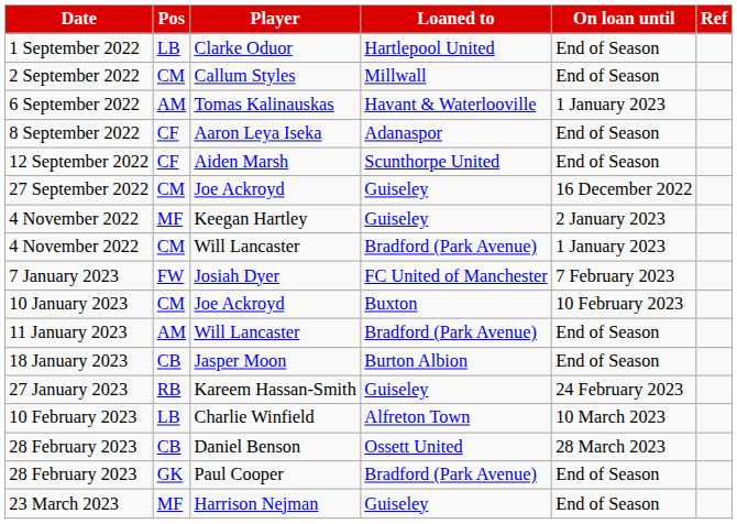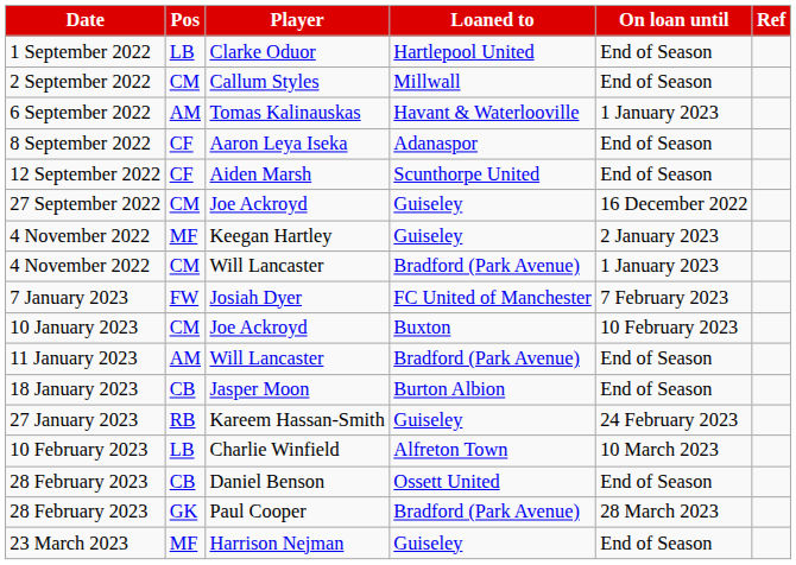 <table class="wikitable plainrowheaders sortable">
 <tr>
 <th style="background:#dd0000; color:#ffffff; ">Date</th>
 <th style="background:#dd0000; color:#ffffff; ">Pos</th>
 <th style="background:#dd0000; color:#ffffff; ">Player</th>
 <th style="background:#dd0000; color:#ffffff; ">Loaned to</th>
 <th style="background:#dd0000; color:#ffffff; ">On loan until</th>
 <th style="background:#dd0000; color:#ffffff; ">Ref</th>
 </tr>
 <tr>
 <td>1 September 2022</td>
 <td><a href='#'>LB</a></td>
 <td> <a href='#'>Clarke Oduor</a></td>
 <td> <a href='#'>Hartlepool United</a></td>
 <td>End of Season</td>
 <td></td>
 </tr>
 <tr>
 <td>2 September 2022</td>
 <td><a href='#'>CM</a></td>
 <td> <a href='#'>Callum Styles</a></td>
 <td> <a href='#'>Millwall</a></td>
 <td>End of Season</td>
 <td></td>
 </tr>
 <tr>
 <td>6 September 2022</td>
 <td><a href='#'>AM</a></td>
 <td> <a href='#'>Tomas Kalinauskas</a></td>
 <td> <a href='#'>Havant & Waterlooville</a></td>
 <td>1 January 2023</td>
 <td></td>
 </tr>
 <tr>
 <td>8 September 2022</td>
 <td><a href='#'>CF</a></td>
 <td> <a href='#'>Aaron Leya Iseka</a></td>
 <td> <a href='#'>Adanaspor</a></td>
 <td>End of Season</td>
 <td></td>
 </tr>
 <tr>
 <td>12 September 2022</td>
 <td><a href='#'>CF</a></td>
 <td> <a href='#'>Aiden Marsh</a></td>
 <td> <a href='#'>Scunthorpe United</a></td>
 <td>End of Season</td>
 <td></td>
 </tr>
 <tr>
 <td>27 September 2022</td>
 <td><a href='#'>CM</a></td>
 <td> <a href='#'>Joe Ackroyd</a></td>
 <td> <a href='#'>Guiseley</a></td>
 <td>16 December 2022</td>
 <td></td>
 </tr>
 <tr>
 <td>4 November 2022</td>
 <td><a href='#'>MF</a></td>
 <td> Keegan Hartley</td>
 <td> <a href='#'>Guiseley</a></td>
 <td>2 January 2023</td>
 <td></td>
 </tr>
 <tr>
 <td>4 November 2022</td>
 <td><a href='#'>CM</a></td>
 <td> Will Lancaster</td>
 <td> <a href='#'>Bradford (Park Avenue)</a></td>
 <td>1 January 2023</td>
 <td></td>
 </tr>
 <tr>
 <td>7 January 2023</td>
 <td><a href='#'>FW</a></td>
 <td> <a href='#'>Josiah Dyer</a></td>
 <td> <a href='#'>FC United of Manchester</a></td>
 <td>7 February 2023</td>
 <td></td>
 </tr>
 <tr>
 <td>10 January 2023</td>
 <td><a href='#'>CM</a></td>
 <td> <a href='#'>Joe Ackroyd</a></td>
 <td> <a href='#'>Buxton</a></td>
 <td>10 February 2023</td>
 <td></td>
 </tr>
 <tr>
 <td>11 January 2023</td>
 <td><a href='#'>AM</a></td>
 <td> <a href='#'>Will Lancaster</a></td>
 <td> <a href='#'>Bradford (Park Avenue)</a></td>
 <td>End of Season</td>
 <td></td>
 </tr>
 <tr>
 <td>18 January 2023</td>
 <td><a href='#'>CB</a></td>
 <td> <a href='#'>Jasper Moon</a></td>
 <td> <a href='#'>Burton Albion</a></td>
 <td>End of Season</td>
 <td></td>
 </tr>
 <tr>
 <td>27 January 2023</td>
 <td><a href='#'>RB</a></td>
 <td> Kareem Hassan-Smith</td>
 <td> <a href='#'>Guiseley</a></td>
 <td>24 February 2023</td>
 <td></td>
 </tr>
 <tr>
 <td>10 February 2023</td>
 <td><a href='#'>LB</a></td>
 <td> Charlie Winfield</td>
 <td> <a href='#'>Alfreton Town</a></td>
 <td>10 March 2023</td>
 <td></td>
 </tr>
 <tr>
 <td>28 February 2023</td>
 <td><a href='#'>CB</a></td>
 <td> Daniel Benson</td>
 <td> <a href='#'>Ossett United</a></td>
-<td>28 March 2023</td>
+<td>End of Season</td>
 <td></td>
 </tr>
 <tr>
 <td>28 February 2023</td>
 <td><a href='#'>GK</a></td>
 <td> Paul Cooper</td>
 <td> <a href='#'>Bradford (Park Avenue)</a></td>
-<td>End of Season</td>
+<td>28 March 2023</td>
 <td></td>
 </tr>
 <tr>
 <td>23 March 2023</td>
 <td><a href='#'>MF</a></td>
 <td> <a href='#'>Harrison Nejman</a></td>
 <td> <a href='#'>Guiseley</a></td>
 <td>End of Season</td>
 <td></td>
 </tr>
 </table>
